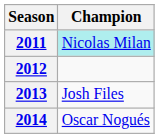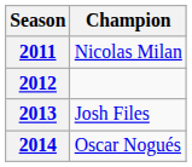 <table class="wikitable" style="font-size: 85%;">
 <tr>
 <th>Season</th>
 <th>Champion</th>
 </tr>
 <tr>
 <th><a href='#'>2011</a></th>
-<td style="background: paleturquoise;"> <a href='#'>Nicolas Milan</a></td>
+<td> <a href='#'>Nicolas Milan</a></td>
 </tr>
 <tr>
 <th><a href='#'>2012</a></th>
 <td></td>
 </tr>
 <tr>
 <th><a href='#'>2013</a></th>
 <td> <a href='#'>Josh Files</a></td>
 </tr>
 <tr>
 <th><a href='#'>2014</a></th>
 <td> <a href='#'>Oscar Nogués</a></td>
 </tr>
 </table>
